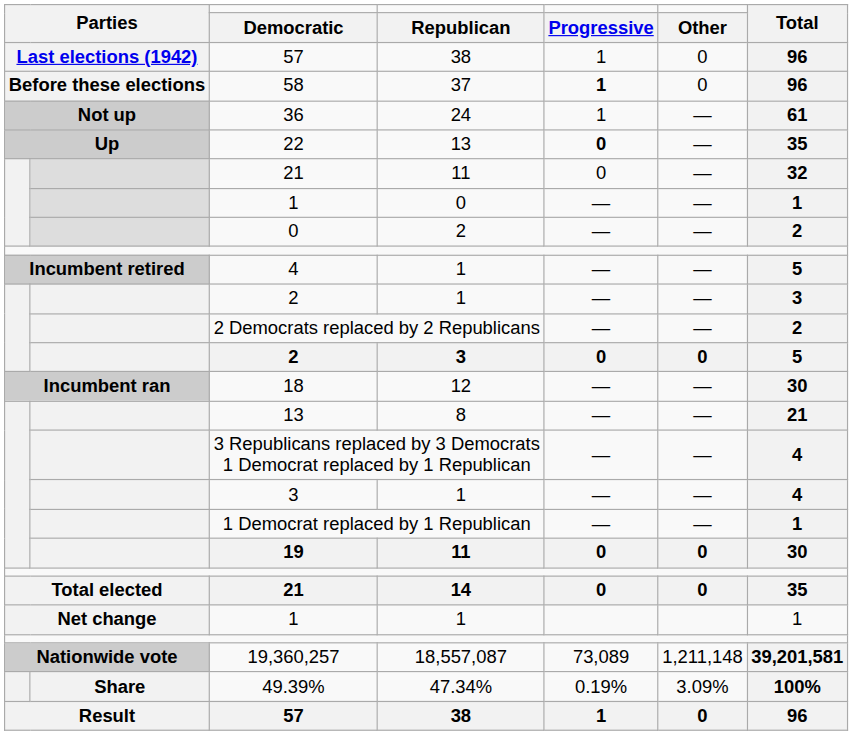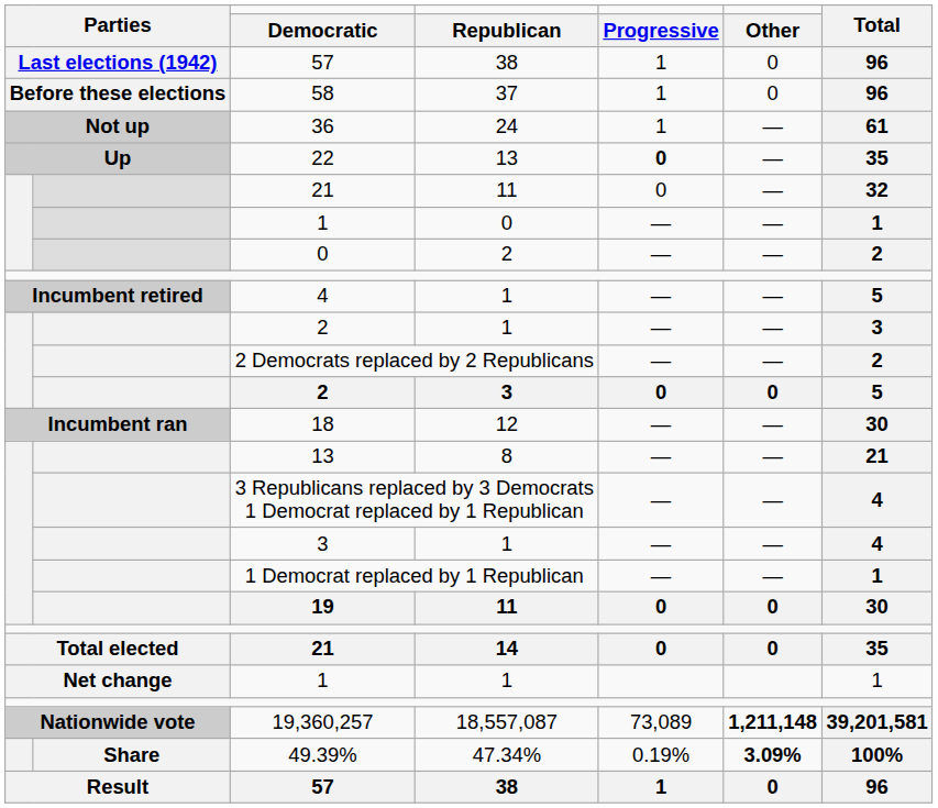 <table class=wikitable style=text-align:center>
 <tr>
 <th colspan=2 rowspan=2>Parties</th>
 <td></td>
 <td></td>
 <td></td>
 <td></td>
 <th rowspan=2>Total</th>
 </tr>
 <tr valign=bottom>
 <th>Democratic</th>
 <th>Republican</th>
 <th><a href='#'>Progressive</a></th>
 <th>Other</th>
 </tr>
 <tr>
 <th colspan=2><a href='#'>Last elections (1942)</a></th>
 <td>57</td>
 <td>38</td>
 <td>1</td>
 <td>0</td>
 <th>96</th>
 </tr>
 <tr>
 <th colspan=2>Before these elections</th>
 <td>58</td>
 <td>37</td>
-<td><strong>1</strong></td>
+<td>1</td>
 <td>0</td>
 <th>96</th>
 </tr>
 <tr>
 <th colspan=2 style="background:#ccc">Not up</th>
 <td>36</td>
 <td>24</td>
 <td>1</td>
 <td>—</td>
 <th>61</th>
 </tr>
 <tr>
 <th colspan=2 style="background:#ccc">Up</th>
 <td>22</td>
 <td>13</td>
 <td><strong>0</strong></td>
 <td>—</td>
 <th>35</th>
 </tr>
 <tr>
 <th rowspan=3></th>
 <th style="background:#ddd"></th>
 <td>21</td>
 <td>11</td>
 <td>0</td>
 <td>—</td>
 <th>32</th>
 </tr>
 <tr>
 <th style="background:#ddd"></th>
 <td>1</td>
 <td>0</td>
 <td>—</td>
 <td>—</td>
 <th>1</th>
 </tr>
 <tr>
 <th style="background:#ddd"></th>
 <td>0</td>
 <td>2</td>
 <td>—</td>
 <td>—</td>
 <th>2</th>
 </tr>
 <tr>
 <td colspan=100></td>
 </tr>
 <tr>
 <th colspan=2 style="background:#ccc">Incumbent retired</th>
 <td>4</td>
 <td>1</td>
 <td>—</td>
 <td>—</td>
 <th>5</th>
 </tr>
 <tr>
 <th rowspan=3></th>
 <th></th>
 <td>2</td>
 <td>1</td>
 <td>—</td>
 <td>—</td>
 <th>3</th>
 </tr>
 <tr>
 <th></th>
 <td colspan=2 >2 Democrats replaced by 2 Republicans</td>
 <td>—</td>
 <td>—</td>
 <th>2</th>
 </tr>
 <tr>
 <th></th>
 <th>2</th>
 <th>3</th>
 <th>0</th>
 <th>0</th>
 <th>5</th>
 </tr>
 <tr>
 <th colspan=2 style="background:#ccc">Incumbent ran</th>
 <td>18</td>
 <td>12</td>
 <td>—</td>
 <td>—</td>
 <th>30</th>
 </tr>
 <tr>
 <th rowspan=5></th>
 <th></th>
 <td>13</td>
 <td>8</td>
 <td>—</td>
 <td>—</td>
 <th>21</th>
 </tr>
 <tr>
 <th></th>
 <td colspan=2 >3 Republicans replaced by  3 Democrats<br>1 Democrat replaced by  1 Republican</td>
 <td>—</td>
 <td>—</td>
 <th>4</th>
 </tr>
 <tr>
 <th></th>
 <td>3</td>
 <td>1</td>
 <td>—</td>
 <td>—</td>
 <th>4</th>
 </tr>
 <tr>
 <th></th>
 <td colspan=2 >1 Democrat replaced by  1 Republican</td>
 <td>—</td>
 <td>—</td>
 <th>1</th>
 </tr>
 <tr>
 <th></th>
 <th>19</th>
 <th>11</th>
 <th>0</th>
 <th>0</th>
 <th>30</th>
 </tr>
 <tr>
 <td colspan=99></td>
 </tr>
 <tr>
 <th colspan=2>Total elected</th>
 <th>21</th>
 <th>14</th>
 <th>0</th>
 <th>0</th>
 <th>35</th>
 </tr>
 <tr>
 <th colspan=2>Net change</th>
 <td>1</td>
 <td>1</td>
 <td></td>
 <td></td>
 <td>1</td>
 </tr>
 <tr>
 <td colspan=99></td>
 </tr>
 <tr>
 <th colspan=2 style="background:#ccc">Nationwide vote</th>
 <td>19,360,257</td>
 <td>18,557,087</td>
 <td>73,089</td>
-<td>1,211,148</td>
+<td><strong>1,211,148</strong></td>
 <th>39,201,581</th>
 </tr>
 <tr>
 <th></th>
 <th>Share</th>
 <td>49.39%</td>
 <td>47.34%</td>
 <td>0.19%</td>
-<td>3.09%</td>
+<td><strong>3.09%</strong></td>
 <th>100%</th>
 </tr>
 <tr>
 <th colspan=2>Result</th>
 <th>57</th>
 <th>38</th>
 <th>1</th>
 <th>0</th>
 <th>96</th>
 </tr>
 </table>
